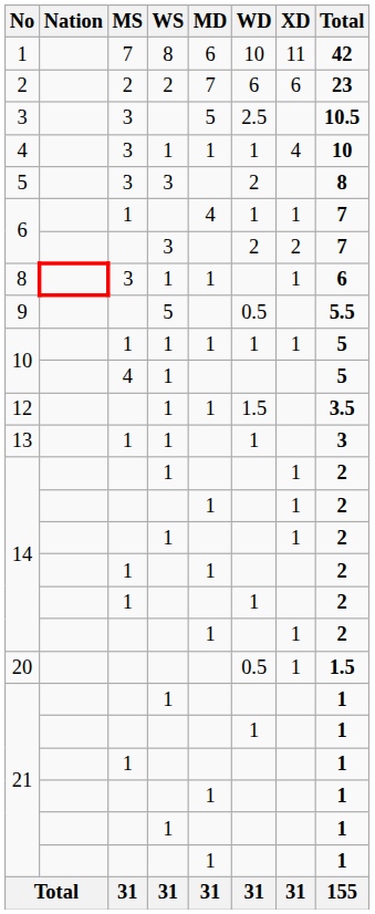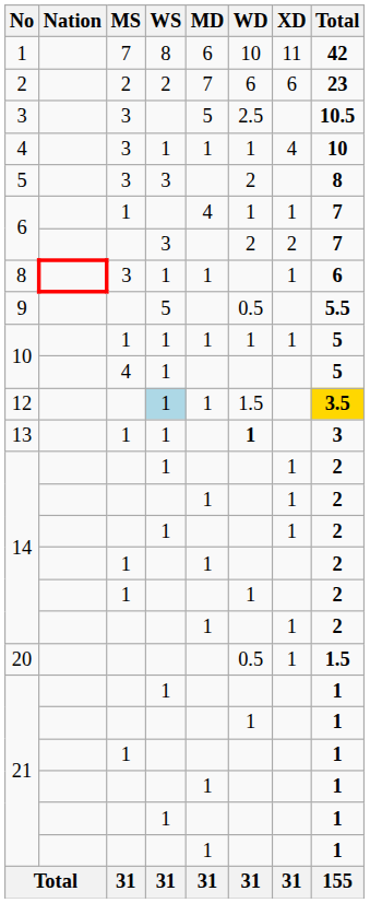 <table class="wikitable" style="text-align:center">
 <tr>
 <th>No</th>
 <th>Nation</th>
 <th>MS</th>
 <th>WS</th>
 <th>MD</th>
 <th>WD</th>
 <th>XD</th>
 <th>Total</th>
 </tr>
 <tr>
 <td>1</td>
 <td align=left></td>
 <td>7</td>
 <td>8</td>
 <td>6</td>
 <td>10</td>
 <td>11</td>
 <td><strong>42</strong></td>
 </tr>
 <tr>
 <td>2</td>
 <td align=left></td>
 <td>2</td>
 <td>2</td>
 <td>7</td>
 <td>6</td>
 <td>6</td>
 <td><strong>23</strong></td>
 </tr>
 <tr>
 <td>3</td>
 <td align=left></td>
 <td>3</td>
 <td></td>
 <td>5</td>
 <td>2.5</td>
 <td></td>
 <td><strong>10.5</strong></td>
 </tr>
 <tr>
 <td>4</td>
 <td align=left></td>
 <td>3</td>
 <td>1</td>
 <td>1</td>
 <td>1</td>
 <td>4</td>
 <td><strong>10</strong></td>
 </tr>
 <tr>
 <td>5</td>
 <td align=left></td>
 <td>3</td>
 <td>3</td>
 <td></td>
 <td>2</td>
 <td></td>
 <td><strong>8</strong></td>
 </tr>
 <tr>
 <td rowspan="2">6</td>
 <td align=left></td>
 <td>1</td>
 <td></td>
 <td>4</td>
 <td>1</td>
 <td>1</td>
 <td><strong>7</strong></td>
 </tr>
 <tr>
 <td align=left></td>
 <td></td>
 <td>3</td>
 <td></td>
 <td>2</td>
 <td>2</td>
 <td><strong>7</strong></td>
 </tr>
 <tr>
 <td>8</td>
 <td align="left" style="border: 3px solid red"><strong></strong></td>
 <td>3</td>
 <td>1</td>
 <td>1</td>
 <td></td>
 <td>1</td>
 <td><strong>6</strong></td>
 </tr>
 <tr>
 <td>9</td>
 <td align=left></td>
 <td></td>
 <td>5</td>
 <td></td>
 <td>0.5</td>
 <td></td>
 <td><strong>5.5</strong></td>
 </tr>
 <tr>
 <td rowspan="2">10</td>
 <td align=left></td>
 <td>1</td>
 <td>1</td>
 <td>1</td>
 <td>1</td>
 <td>1</td>
 <td><strong>5</strong></td>
 </tr>
 <tr>
 <td align=left></td>
 <td>4</td>
 <td>1</td>
 <td></td>
 <td></td>
 <td></td>
 <td><strong>5</strong></td>
 </tr>
 <tr>
 <td>12</td>
 <td align=left></td>
 <td></td>
-<td>1</td>
+<td style="background: lightblue;">1</td>
 <td>1</td>
 <td>1.5</td>
 <td></td>
-<td><strong>3.5</strong></td>
+<td style="background: gold;"><strong>3.5</strong></td>
 </tr>
 <tr>
 <td>13</td>
 <td align=left></td>
 <td>1</td>
 <td>1</td>
 <td></td>
-<td>1</td>
+<td><strong>1</strong></td>
 <td></td>
 <td><strong>3</strong></td>
 </tr>
 <tr>
 <td rowspan="6">14</td>
 <td align=left></td>
 <td></td>
 <td>1</td>
 <td></td>
 <td></td>
 <td>1</td>
 <td><strong>2</strong></td>
 </tr>
 <tr>
 <td align=left></td>
 <td></td>
 <td></td>
 <td>1</td>
 <td></td>
 <td>1</td>
 <td><strong>2</strong></td>
 </tr>
 <tr>
 <td align=left></td>
 <td></td>
 <td>1</td>
 <td></td>
 <td></td>
 <td>1</td>
 <td><strong>2</strong></td>
 </tr>
 <tr>
 <td align=left></td>
 <td>1</td>
 <td></td>
 <td>1</td>
 <td></td>
 <td></td>
 <td><strong>2</strong></td>
 </tr>
 <tr>
 <td align=left></td>
 <td>1</td>
 <td></td>
 <td></td>
 <td>1</td>
 <td></td>
 <td><strong>2</strong></td>
 </tr>
 <tr>
 <td align=left></td>
 <td></td>
 <td></td>
 <td>1</td>
 <td></td>
 <td>1</td>
 <td><strong>2</strong></td>
 </tr>
 <tr>
 <td>20</td>
 <td align=left></td>
 <td></td>
 <td></td>
 <td></td>
 <td>0.5</td>
 <td>1</td>
 <td><strong>1.5</strong></td>
 </tr>
 <tr>
 <td rowspan="6">21</td>
 <td align=left></td>
 <td></td>
 <td>1</td>
 <td></td>
 <td></td>
 <td></td>
 <td><strong>1</strong></td>
 </tr>
 <tr>
 <td align=left></td>
 <td></td>
 <td></td>
 <td></td>
 <td>1</td>
 <td></td>
 <td><strong>1</strong></td>
 </tr>
 <tr>
 <td align=left></td>
 <td>1</td>
 <td></td>
 <td></td>
 <td></td>
 <td></td>
 <td><strong>1</strong></td>
 </tr>
 <tr>
 <td align=left></td>
 <td></td>
 <td></td>
 <td>1</td>
 <td></td>
 <td></td>
 <td><strong>1</strong></td>
 </tr>
 <tr>
 <td align=left></td>
 <td></td>
 <td>1</td>
 <td></td>
 <td></td>
 <td></td>
 <td><strong>1</strong></td>
 </tr>
 <tr>
 <td align=left></td>
 <td></td>
 <td></td>
 <td>1</td>
 <td></td>
 <td></td>
 <td><strong>1</strong></td>
 </tr>
 <tr>
 <th colspan="2">Total</th>
 <th>31</th>
 <th>31</th>
 <th>31</th>
 <th>31</th>
 <th>31</th>
 <th>155</th>
 </tr>
 </table>
